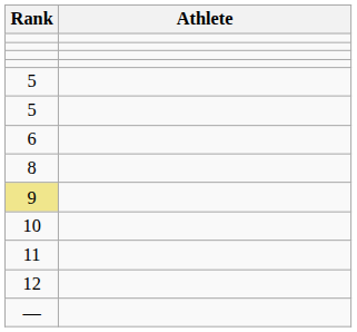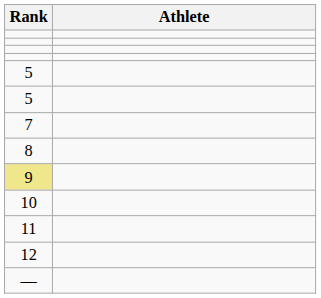 <table class="wikitable" style="text-align: center;">
 <tr>
 <th width=40>Rank</th>
 <th width=250>Athlete</th>
 </tr>
 <tr>
 <td></td>
 <td align=left></td>
 </tr>
 <tr>
 <td></td>
 <td align=left></td>
 </tr>
 <tr>
 <td></td>
 <td align=left></td>
 </tr>
 <tr>
 <td></td>
 <td align=left></td>
 </tr>
 <tr>
 <td>5</td>
 <td align=left></td>
 </tr>
 <tr>
 <td>5</td>
 <td align=left></td>
 </tr>
 <tr>
-<td>6</td>
+<td>7</td>
 <td align=left></td>
 </tr>
 <tr>
 <td>8</td>
 <td align=left></td>
 </tr>
 <tr>
 <td style="background: khaki;">9</td>
 <td align=left></td>
 </tr>
 <tr>
 <td>10</td>
 <td align=left></td>
 </tr>
 <tr>
 <td>11</td>
 <td align=left></td>
 </tr>
 <tr>
 <td>12</td>
 <td align=left></td>
 </tr>
 <tr>
 <td>—</td>
 <td align=left></td>
 </tr>
 </table>
